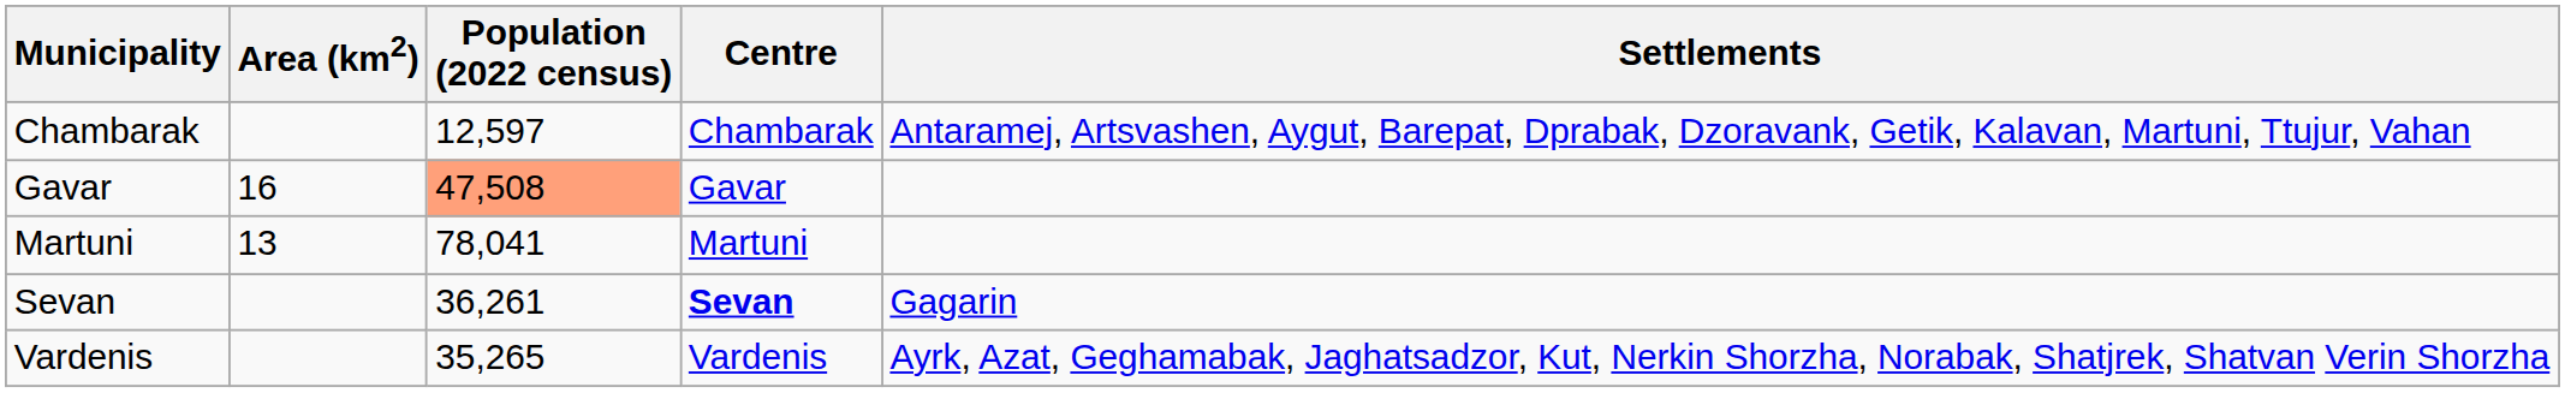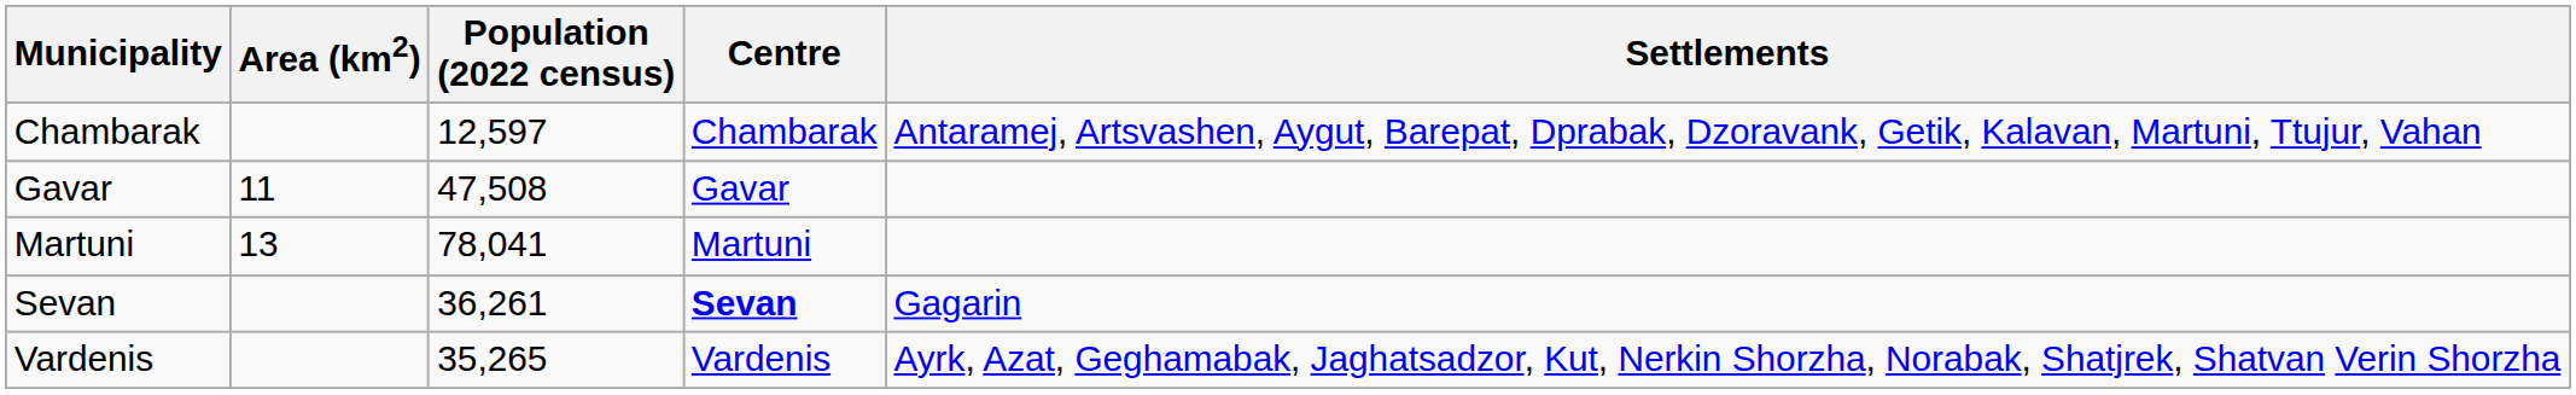 <table class="wikitable sortable">
 <tr>
 <th>Municipality</th>
 <th>Area (km<sup>2</sup>)</th>
 <th>Population<br>(2022 census)</th>
 <th>Centre</th>
 <th>Settlements</th>
 </tr>
 <tr>
 <td>Chambarak</td>
 <td></td>
 <td>12,597</td>
 <td><a href='#'>Chambarak</a></td>
 <td><a href='#'>Antaramej</a>, <a href='#'>Artsvashen</a>, <a href='#'>Aygut</a>, <a href='#'>Barepat</a>, <a href='#'>Dprabak</a>, <a href='#'>Dzoravank</a>, <a href='#'>Getik</a>, <a href='#'>Kalavan</a>, <a href='#'>Martuni</a>, <a href='#'>Ttujur</a>, <a href='#'>Vahan</a></td>
 </tr>
 <tr>
 <td>Gavar</td>
-<td>16</td>
-<td style="background: lightsalmon;">47,508</td>
+<td>11</td>
+<td>47,508</td>
 <td><a href='#'>Gavar</a></td>
 <td></td>
 </tr>
 <tr>
 <td>Martuni</td>
 <td>13</td>
 <td>78,041</td>
 <td><a href='#'>Martuni</a></td>
 <td></td>
 </tr>
 <tr>
 <td>Sevan</td>
 <td></td>
 <td>36,261</td>
 <td><strong><a href='#'>Sevan</a></strong></td>
 <td><a href='#'>Gagarin</a></td>
 </tr>
 <tr>
 <td>Vardenis</td>
 <td></td>
 <td>35,265</td>
 <td><a href='#'>Vardenis</a></td>
 <td><a href='#'>Ayrk</a>, <a href='#'>Azat</a>, <a href='#'>Geghamabak</a>, <a href='#'>Jaghatsadzor</a>, <a href='#'>Kut</a>, <a href='#'>Nerkin Shorzha</a>, <a href='#'>Norabak</a>, <a href='#'>Shatjrek</a>, <a href='#'>Shatvan</a> <a href='#'>Verin Shorzha</a></td>
 </tr>
 </table>
